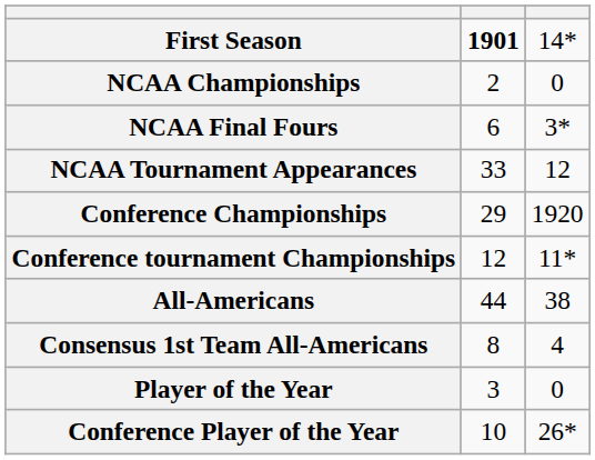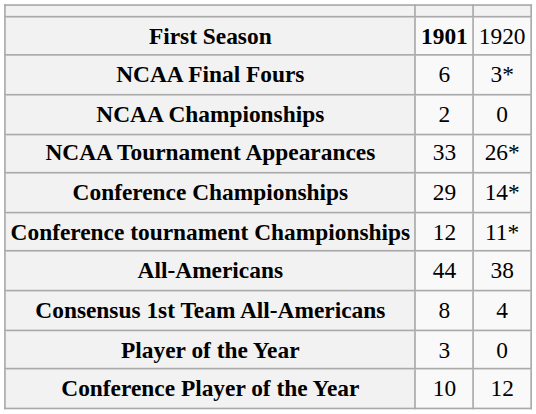 <table class="wikitable" style="float:right; clear:right; margin-left:1em; font-size:88%;">
 <tr>
 <th></th>
 <th><a href='#'></a></th>
 <th><a href='#'></a></th>
 </tr>
 <tr>
 <th scope=row>First Season</th>
 <td align=center><strong>1901</strong></td>
-<td align=center>14*</td>
+<td align=center>1920</td>
+</tr>
+<tr>
+<th scope=row>NCAA Final Fours</th>
+<td align=center>6</td>
+<td align=center>3*</td>
 </tr>
 <tr>
 <th scope=row>NCAA Championships</th>
 <td align=center>2</td>
 <td align=center>0</td>
 </tr>
 <tr>
-<th scope=row>NCAA Final Fours</th>
-<td align=center>6</td>
-<td align=center>3*</td>
-</tr>
-<tr>
 <th scope=row>NCAA Tournament Appearances</th>
 <td align=center>33</td>
-<td align=center>12</td>
+<td align=center>26*</td>
 </tr>
 <tr>
 <th scope=row>Conference Championships</th>
 <td align=center>29</td>
-<td align=center>1920</td>
+<td align=center>14*</td>
 </tr>
 <tr>
 <th scope=row>Conference tournament Championships</th>
 <td align=center>12</td>
 <td align=center>11*</td>
 </tr>
 <tr>
 <th scope=row>All-Americans</th>
 <td align=center>44</td>
 <td align=center>38</td>
 </tr>
 <tr>
 <th scope=row>Consensus 1st Team All-Americans</th>
 <td align=center>8</td>
 <td align=center>4</td>
 </tr>
 <tr>
 <th scope=row>Player of the Year</th>
 <td align=center>3</td>
 <td align=center>0</td>
 </tr>
 <tr>
 <th scope=row>Conference Player of the Year</th>
 <td align=center>10</td>
-<td align=center>26*</td>
+<td align=center>12</td>
 </tr>
 </table>
